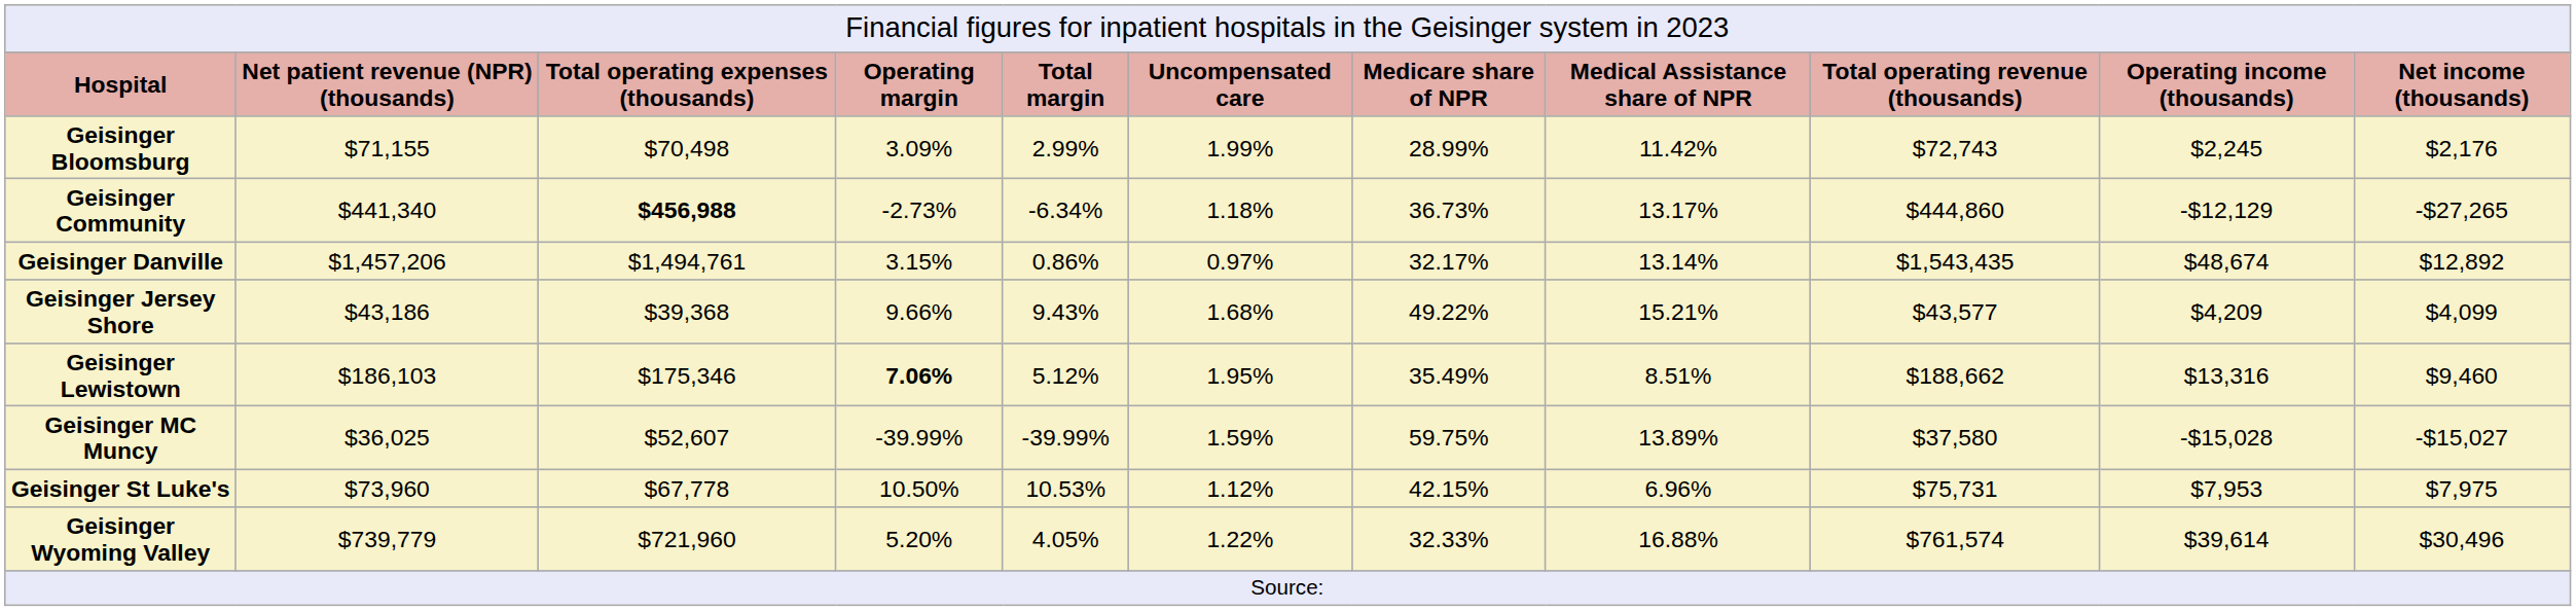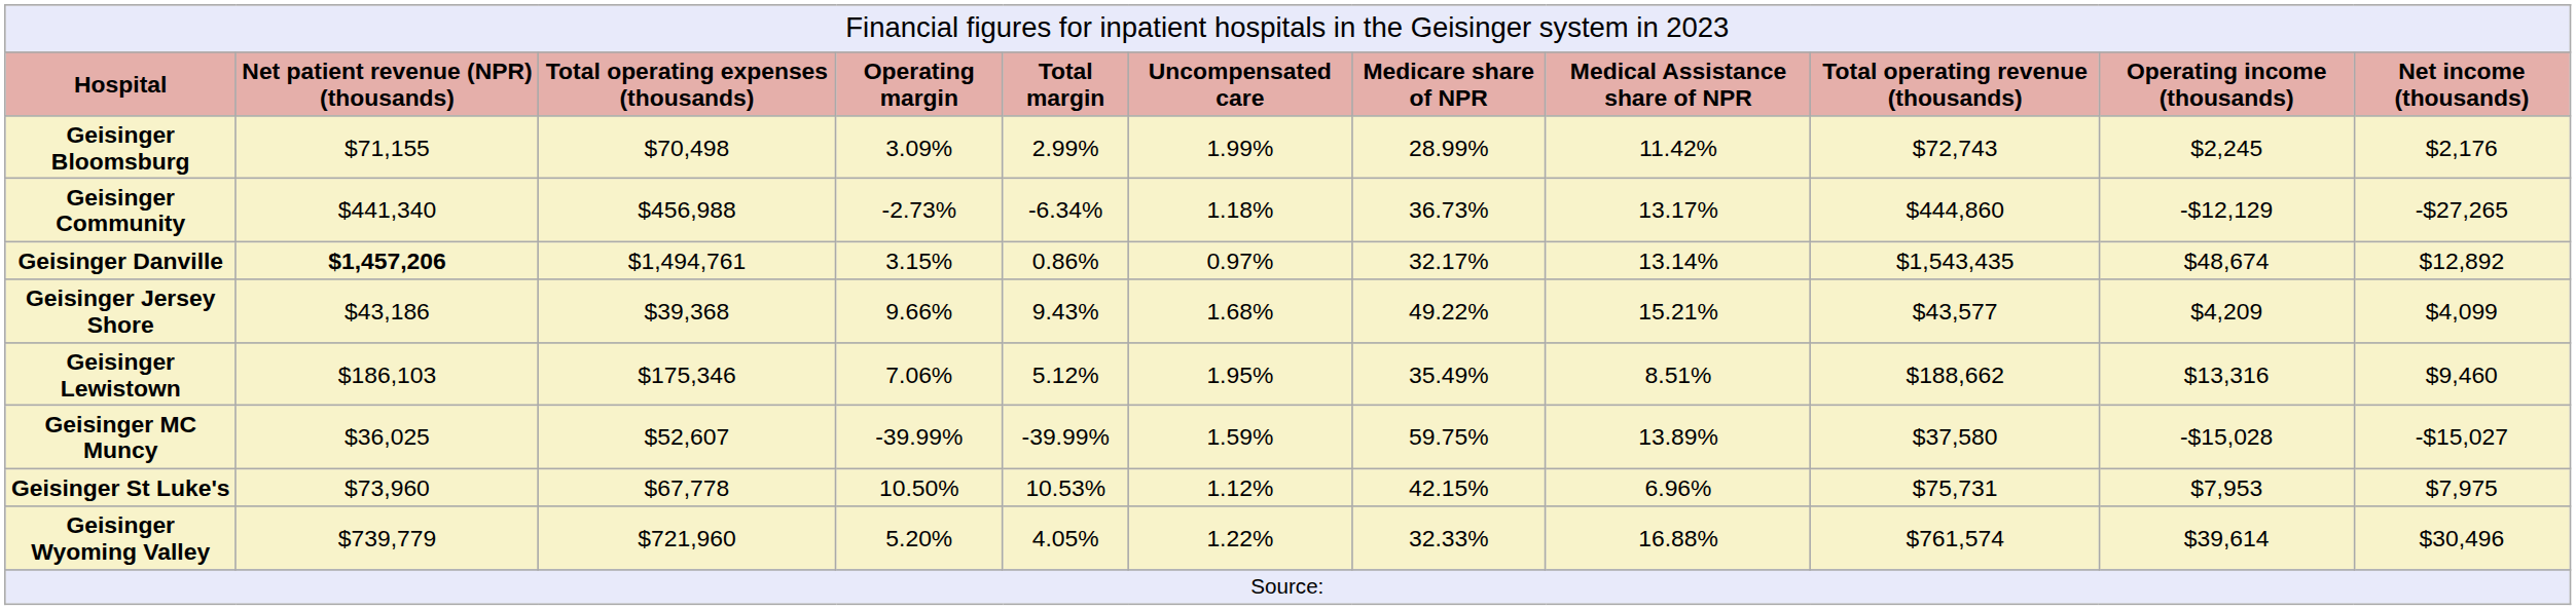 <table class="wikitable" style="text-align:center;font-size:90%;"|>
 <tr>
 <td colspan="11" style="text-align:center;font-size:120%;background:#E8EAFA;">Financial figures for inpatient hospitals in the Geisinger system in 2023</td>
 </tr>
 <tr>
 <th style="background:#e5afaa; color:#000; height:30px;">Hospital</th>
 <th style="background:#e5afaa; color:#000;">Net patient revenue (NPR) (thousands)</th>
 <th style="background:#e5afaa; color:#000;">Total operating expenses (thousands)</th>
 <th style="background:#e5afaa; color:#000;">Operating margin</th>
 <th style="background:#e5afaa; color:#000;">Total margin</th>
 <th style="background:#e5afaa; color:#000;">Uncompensated care</th>
 <th style="background:#e5afaa; color:#000;">Medicare share of NPR</th>
 <th style="background:#e5afaa; color:#000;">Medical Assistance share of NPR</th>
 <th style="background:#e5afaa; color:#000;">Total operating revenue (thousands)</th>
 <th style="background:#e5afaa; color:#000;">Operating income (thousands)</th>
 <th style="background:#e5afaa; color:#000;">Net income (thousands)</th>
 </tr>
 <tr>
 <th style="background:#f8f3ca; color:#000; height:16px;">Geisinger Bloomsburg</th>
 <td style="text-align:center; background:#f8f3ca; color:#000;">$71,155</td>
 <td style="text-align:center; background:#f8f3ca; color:#000;">$70,498</td>
 <td style="text-align:center; background:#f8f3ca; color:#000;">3.09%</td>
 <td style="text-align:center; background:#f8f3ca; color:#000;">2.99%</td>
 <td style="text-align:center; background:#f8f3ca; color:#000;">1.99%</td>
 <td style="text-align:center; background:#f8f3ca; color:#000;">28.99%</td>
 <td style="text-align:center; background:#f8f3ca; color:#000;">11.42%</td>
 <td style="text-align:center; background:#f8f3ca; color:#000;">$72,743</td>
 <td style="text-align:center; background:#f8f3ca; color:#000;">$2,245</td>
 <td style="text-align:center; background:#f8f3ca; color:#000;">$2,176</td>
 </tr>
 <tr>
 <th style="background:#f8f3ca; color:#000; height:16px;">Geisinger Community</th>
 <td style="text-align:center; background:#f8f3ca; color:#000;">$441,340</td>
-<td style="text-align:center; background:#f8f3ca; color:#000;"><strong>$456,988</strong></td>
+<td style="text-align:center; background:#f8f3ca; color:#000;">$456,988</td>
 <td style="text-align:center; background:#f8f3ca; color:#000;">-2.73%</td>
 <td style="text-align:center; background:#f8f3ca; color:#000;">-6.34%</td>
 <td style="text-align:center; background:#f8f3ca; color:#000;">1.18%</td>
 <td style="text-align:center; background:#f8f3ca; color:#000;">36.73%</td>
 <td style="text-align:center; background:#f8f3ca; color:#000;">13.17%</td>
 <td style="text-align:center; background:#f8f3ca; color:#000;">$444,860</td>
 <td style="text-align:center; background:#f8f3ca; color:#000;">-$12,129</td>
 <td style="text-align:center; background:#f8f3ca; color:#000;">-$27,265</td>
 </tr>
 <tr>
 <th style="background:#f8f3ca; color:#000; height:16px;">Geisinger Danville</th>
-<td style="text-align:center; background:#f8f3ca; color:#000;">$1,457,206</td>
+<td style="text-align:center; background:#f8f3ca; color:#000;"><strong>$1,457,206</strong></td>
 <td style="text-align:center; background:#f8f3ca; color:#000;">$1,494,761</td>
 <td style="text-align:center; background:#f8f3ca; color:#000;">3.15%</td>
 <td style="text-align:center; background:#f8f3ca; color:#000;">0.86%</td>
 <td style="text-align:center; background:#f8f3ca; color:#000;">0.97%</td>
 <td style="text-align:center; background:#f8f3ca; color:#000;">32.17%</td>
 <td style="text-align:center; background:#f8f3ca; color:#000;">13.14%</td>
 <td style="text-align:center; background:#f8f3ca; color:#000;">$1,543,435</td>
 <td style="text-align:center; background:#f8f3ca; color:#000;">$48,674</td>
 <td style="text-align:center; background:#f8f3ca; color:#000;">$12,892</td>
 </tr>
 <tr>
 <th style="background:#f8f3ca; color:#000; height:16px;">Geisinger Jersey Shore</th>
 <td style="text-align:center; background:#f8f3ca; color:#000;">$43,186</td>
 <td style="text-align:center; background:#f8f3ca; color:#000;">$39,368</td>
 <td style="text-align:center; background:#f8f3ca; color:#000;">9.66%</td>
 <td style="text-align:center; background:#f8f3ca; color:#000;">9.43%</td>
 <td style="text-align:center; background:#f8f3ca; color:#000;">1.68%</td>
 <td style="text-align:center; background:#f8f3ca; color:#000;">49.22%</td>
 <td style="text-align:center; background:#f8f3ca; color:#000;">15.21%</td>
 <td style="text-align:center; background:#f8f3ca; color:#000;">$43,577</td>
 <td style="text-align:center; background:#f8f3ca; color:#000;">$4,209</td>
 <td style="text-align:center; background:#f8f3ca; color:#000;">$4,099</td>
 </tr>
 <tr>
 <th style="background:#f8f3ca; color:#000; height:16px;">Geisinger Lewistown</th>
 <td style="text-align:center; background:#f8f3ca; color:#000;">$186,103</td>
 <td style="text-align:center; background:#f8f3ca; color:#000;">$175,346</td>
-<td style="text-align:center; background:#f8f3ca; color:#000;"><strong>7.06%</strong></td>
+<td style="text-align:center; background:#f8f3ca; color:#000;">7.06%</td>
 <td style="text-align:center; background:#f8f3ca; color:#000;">5.12%</td>
 <td style="text-align:center; background:#f8f3ca; color:#000;">1.95%</td>
 <td style="text-align:center; background:#f8f3ca; color:#000;">35.49%</td>
 <td style="text-align:center; background:#f8f3ca; color:#000;">8.51%</td>
 <td style="text-align:center; background:#f8f3ca; color:#000;">$188,662</td>
 <td style="text-align:center; background:#f8f3ca; color:#000;">$13,316</td>
 <td style="text-align:center; background:#f8f3ca; color:#000;">$9,460</td>
 </tr>
 <tr>
 <th style="background:#f8f3ca; color:#000; height:16px;">Geisinger MC Muncy</th>
 <td style="text-align:center; background:#f8f3ca; color:#000;">$36,025</td>
 <td style="text-align:center; background:#f8f3ca; color:#000;">$52,607</td>
 <td style="text-align:center; background:#f8f3ca; color:#000;">-39.99%</td>
 <td style="text-align:center; background:#f8f3ca; color:#000;">-39.99%</td>
 <td style="text-align:center; background:#f8f3ca; color:#000;">1.59%</td>
 <td style="text-align:center; background:#f8f3ca; color:#000;">59.75%</td>
 <td style="text-align:center; background:#f8f3ca; color:#000;">13.89%</td>
 <td style="text-align:center; background:#f8f3ca; color:#000;">$37,580</td>
 <td style="text-align:center; background:#f8f3ca; color:#000;">-$15,028</td>
 <td style="text-align:center; background:#f8f3ca; color:#000;">-$15,027</td>
 </tr>
 <tr>
 <th style="background:#f8f3ca; color:#000; height:16px;">Geisinger St Luke's</th>
 <td style="text-align:center; background:#f8f3ca; color:#000;">$73,960</td>
 <td style="text-align:center; background:#f8f3ca; color:#000;">$67,778</td>
 <td style="text-align:center; background:#f8f3ca; color:#000;">10.50%</td>
 <td style="text-align:center; background:#f8f3ca; color:#000;">10.53%</td>
 <td style="text-align:center; background:#f8f3ca; color:#000;">1.12%</td>
 <td style="text-align:center; background:#f8f3ca; color:#000;">42.15%</td>
 <td style="text-align:center; background:#f8f3ca; color:#000;">6.96%</td>
 <td style="text-align:center; background:#f8f3ca; color:#000;">$75,731</td>
 <td style="text-align:center; background:#f8f3ca; color:#000;">$7,953</td>
 <td style="text-align:center; background:#f8f3ca; color:#000;">$7,975</td>
 </tr>
 <tr>
 <th style="background:#f8f3ca; color:#000; height:16px;">Geisinger Wyoming Valley</th>
 <td style="text-align:center; background:#f8f3ca; color:#000;">$739,779</td>
 <td style="text-align:center; background:#f8f3ca; color:#000;">$721,960</td>
 <td style="text-align:center; background:#f8f3ca; color:#000;">5.20%</td>
 <td style="text-align:center; background:#f8f3ca; color:#000;">4.05%</td>
 <td style="text-align:center; background:#f8f3ca; color:#000;">1.22%</td>
 <td style="text-align:center; background:#f8f3ca; color:#000;">32.33%</td>
 <td style="text-align:center; background:#f8f3ca; color:#000;">16.88%</td>
 <td style="text-align:center; background:#f8f3ca; color:#000;">$761,574</td>
 <td style="text-align:center; background:#f8f3ca; color:#000;">$39,614</td>
 <td style="text-align:center; background:#f8f3ca; color:#000;">$30,496</td>
 </tr>
 <tr>
 <td colspan="11" style="text-align:center;font-size:90%;background:#E8EAFA;">Source:</td>
 </tr>
 </table>
